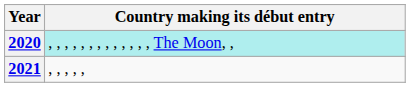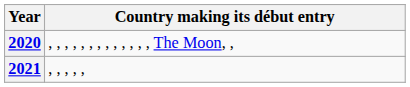 <table class="wikitable" style="font-size:94%">
 <tr>
 <th scope="col" style="width:10%;">Year</th>
 <th>Country making its début entry</th>
 </tr>
 <tr>
 <th><a href='#'>2020</a></th>
-<td style="background: paleturquoise;">, , , , , , , , , , , , ,  <a href='#'>The Moon</a>, , </td>
+<td>, , , , , , , , , , , , ,  <a href='#'>The Moon</a>, , </td>
 </tr>
 <tr>
 <th rowspan="6"><a href='#'>2021</a></th>
 <td>, , , , , </td>
 </tr>
 </table>
